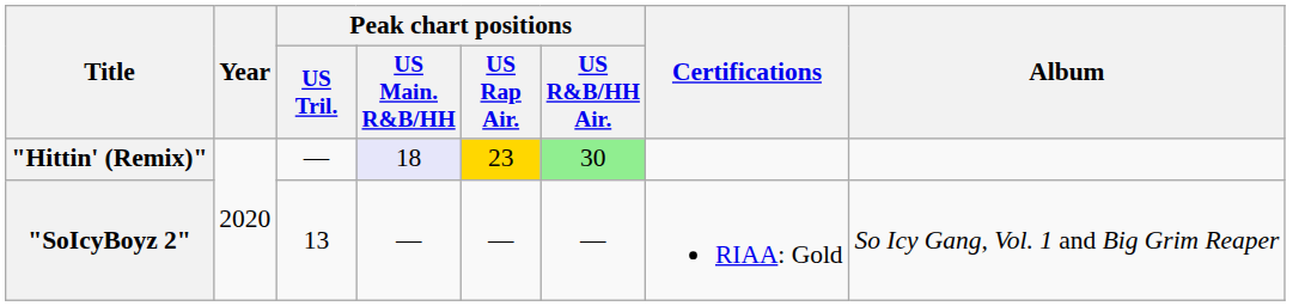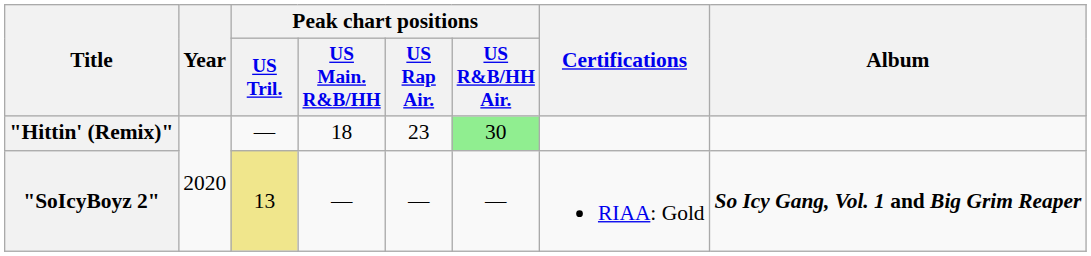 <table class="wikitable plainrowheaders" style="text-align:center;">
 <tr>
 <th rowspan="2">Title</th>
 <th rowspan="2">Year</th>
 <th colspan="4">Peak chart positions</th>
 <th rowspan="2"><a href='#'>Certifications</a></th>
 <th rowspan="2">Album</th>
 </tr>
 <tr>
 <th scope="col" style="width:3em;font-size:90%;"><a href='#'>US<br>Tril.</a><br></th>
 <th scope="col" style="width:3em;font-size:90%;"><a href='#'>US<br>Main.<br>R&B/HH</a><br></th>
 <th scope="col" style="width:3em;font-size:90%;"><a href='#'>US<br>Rap<br>Air.</a><br></th>
 <th scope="col" style="width:3em;font-size:90%;"><a href='#'>US<br>R&B/HH<br>Air.</a><br></th>
 </tr>
 <tr>
 <th scope="row">"Hittin' (Remix)"<br></th>
 <td rowspan="2">2020</td>
 <td>—</td>
-<td style="background: lavender;">18</td>
-<td style="background: gold;">23</td>
+<td>18</td>
+<td>23</td>
 <td style="background: lightgreen;">30</td>
 <td></td>
 <td></td>
 </tr>
 <tr>
 <th scope="row">"SoIcyBoyz 2"<br></th>
-<td>13</td>
+<td style="background: khaki;">13</td>
 <td>—</td>
 <td>—</td>
 <td>—</td>
 <td><br><ul><li><a href='#'>RIAA</a>: Gold</li></ul></td>
-<td><em>So Icy Gang, Vol. 1</em> and <em>Big Grim Reaper</em></td>
+<td><strong><em>So Icy Gang, Vol. 1</em> and <em>Big Grim Reaper</em></strong></td>
 </tr>
 </table>
